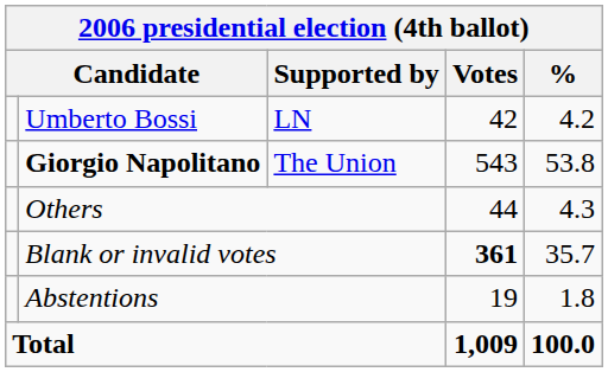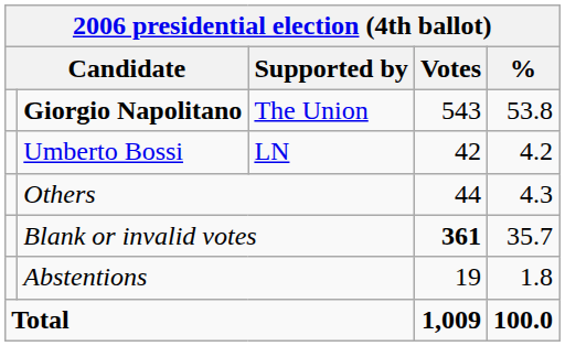 <table class=wikitable style=text-align:right>
 <tr>
 <th colspan=5><a href='#'>2006 presidential election</a> (4th ballot)</th>
 </tr>
 <tr>
 <th colspan=2>Candidate</th>
 <th>Supported by</th>
 <th>Votes</th>
 <th>%</th>
 </tr>
 <tr>
 <td></td>
+<td align=left><strong>Giorgio Napolitano</strong></td>
+<td align=left><a href='#'>The Union</a></td>
+<td>543</td>
+<td>53.8</td>
+</tr>
+<tr>
+<td></td>
 <td align=left><a href='#'>Umberto Bossi</a></td>
 <td align=left><a href='#'>LN</a></td>
 <td>42</td>
 <td>4.2</td>
-</tr>
-<tr>
-<td></td>
-<td align=left><strong>Giorgio Napolitano</strong></td>
-<td align=left><a href='#'>The Union</a></td>
-<td>543</td>
-<td>53.8</td>
 </tr>
 <tr>
 <td></td>
 <td align=left colspan=2><em>Others</em></td>
 <td>44</td>
 <td>4.3</td>
 </tr>
 <tr>
 <td></td>
 <td align=left colspan=2><em>Blank or invalid votes</em></td>
 <td><strong>361</strong></td>
 <td>35.7</td>
 </tr>
 <tr>
 <td></td>
 <td align=left colspan=2><em>Abstentions</em></td>
 <td>19</td>
 <td>1.8</td>
 </tr>
 <tr>
 <td align=left colspan=3><strong>Total</strong></td>
 <td><strong>1,009</strong></td>
 <td><strong>100.0</strong></td>
 </tr>
 </table>
